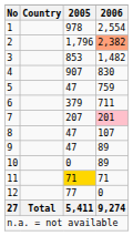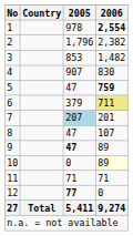 <table class="wikitable" style="float: right; margin-left: 10px">
 <tr>
 </tr>
 <tr>
 <th>No</th>
 <th>Country</th>
 <th>2005</th>
 <th>2006</th>
 </tr>
 <tr>
 <td>1</td>
 <td></td>
 <td>978</td>
-<td>2,554</td>
+<td><strong>2,554</strong></td>
 </tr>
 <tr>
 <td>2</td>
 <td></td>
 <td>1,796</td>
-<td style="background: lightsalmon;">2,382</td>
+<td>2,382</td>
 </tr>
 <tr>
 <td>3</td>
 <td></td>
 <td>853</td>
 <td>1,482</td>
 </tr>
 <tr>
 <td>4</td>
 <td></td>
 <td>907</td>
 <td>830</td>
 </tr>
 <tr>
 <td>5</td>
 <td></td>
 <td>47</td>
-<td>759</td>
+<td><strong>759</strong></td>
 </tr>
 <tr>
 <td>6</td>
 <td></td>
 <td>379</td>
-<td>711</td>
+<td style="background: khaki;">711</td>
 </tr>
 <tr>
 <td>7</td>
 <td></td>
-<td>207</td>
-<td style="background: pink;">201</td>
+<td style="background: lightblue;">207</td>
+<td>201</td>
 </tr>
 <tr>
 <td>8</td>
 <td></td>
 <td>47</td>
 <td>107</td>
 </tr>
 <tr>
 <td>9</td>
 <td></td>
-<td>47</td>
+<td><strong>47</strong></td>
 <td>89</td>
 </tr>
 <tr>
 <td>10</td>
 <td></td>
 <td>0</td>
-<td>89</td>
+<td style="background: lightyellow;">89</td>
 </tr>
 <tr>
 <td>11</td>
 <td></td>
-<td style="background: gold;">71</td>
+<td>71</td>
 <td>71</td>
 </tr>
 <tr>
 <td>12</td>
 <td></td>
-<td>77</td>
+<td><strong>77</strong></td>
 <td>0</td>
 </tr>
 <tr>
 <th>27</th>
 <th>Total</th>
 <th>5,411</th>
 <th>9,274</th>
 </tr>
 <tr>
 <td colspan=5>n.a. = not available</td>
 </tr>
 </table>
